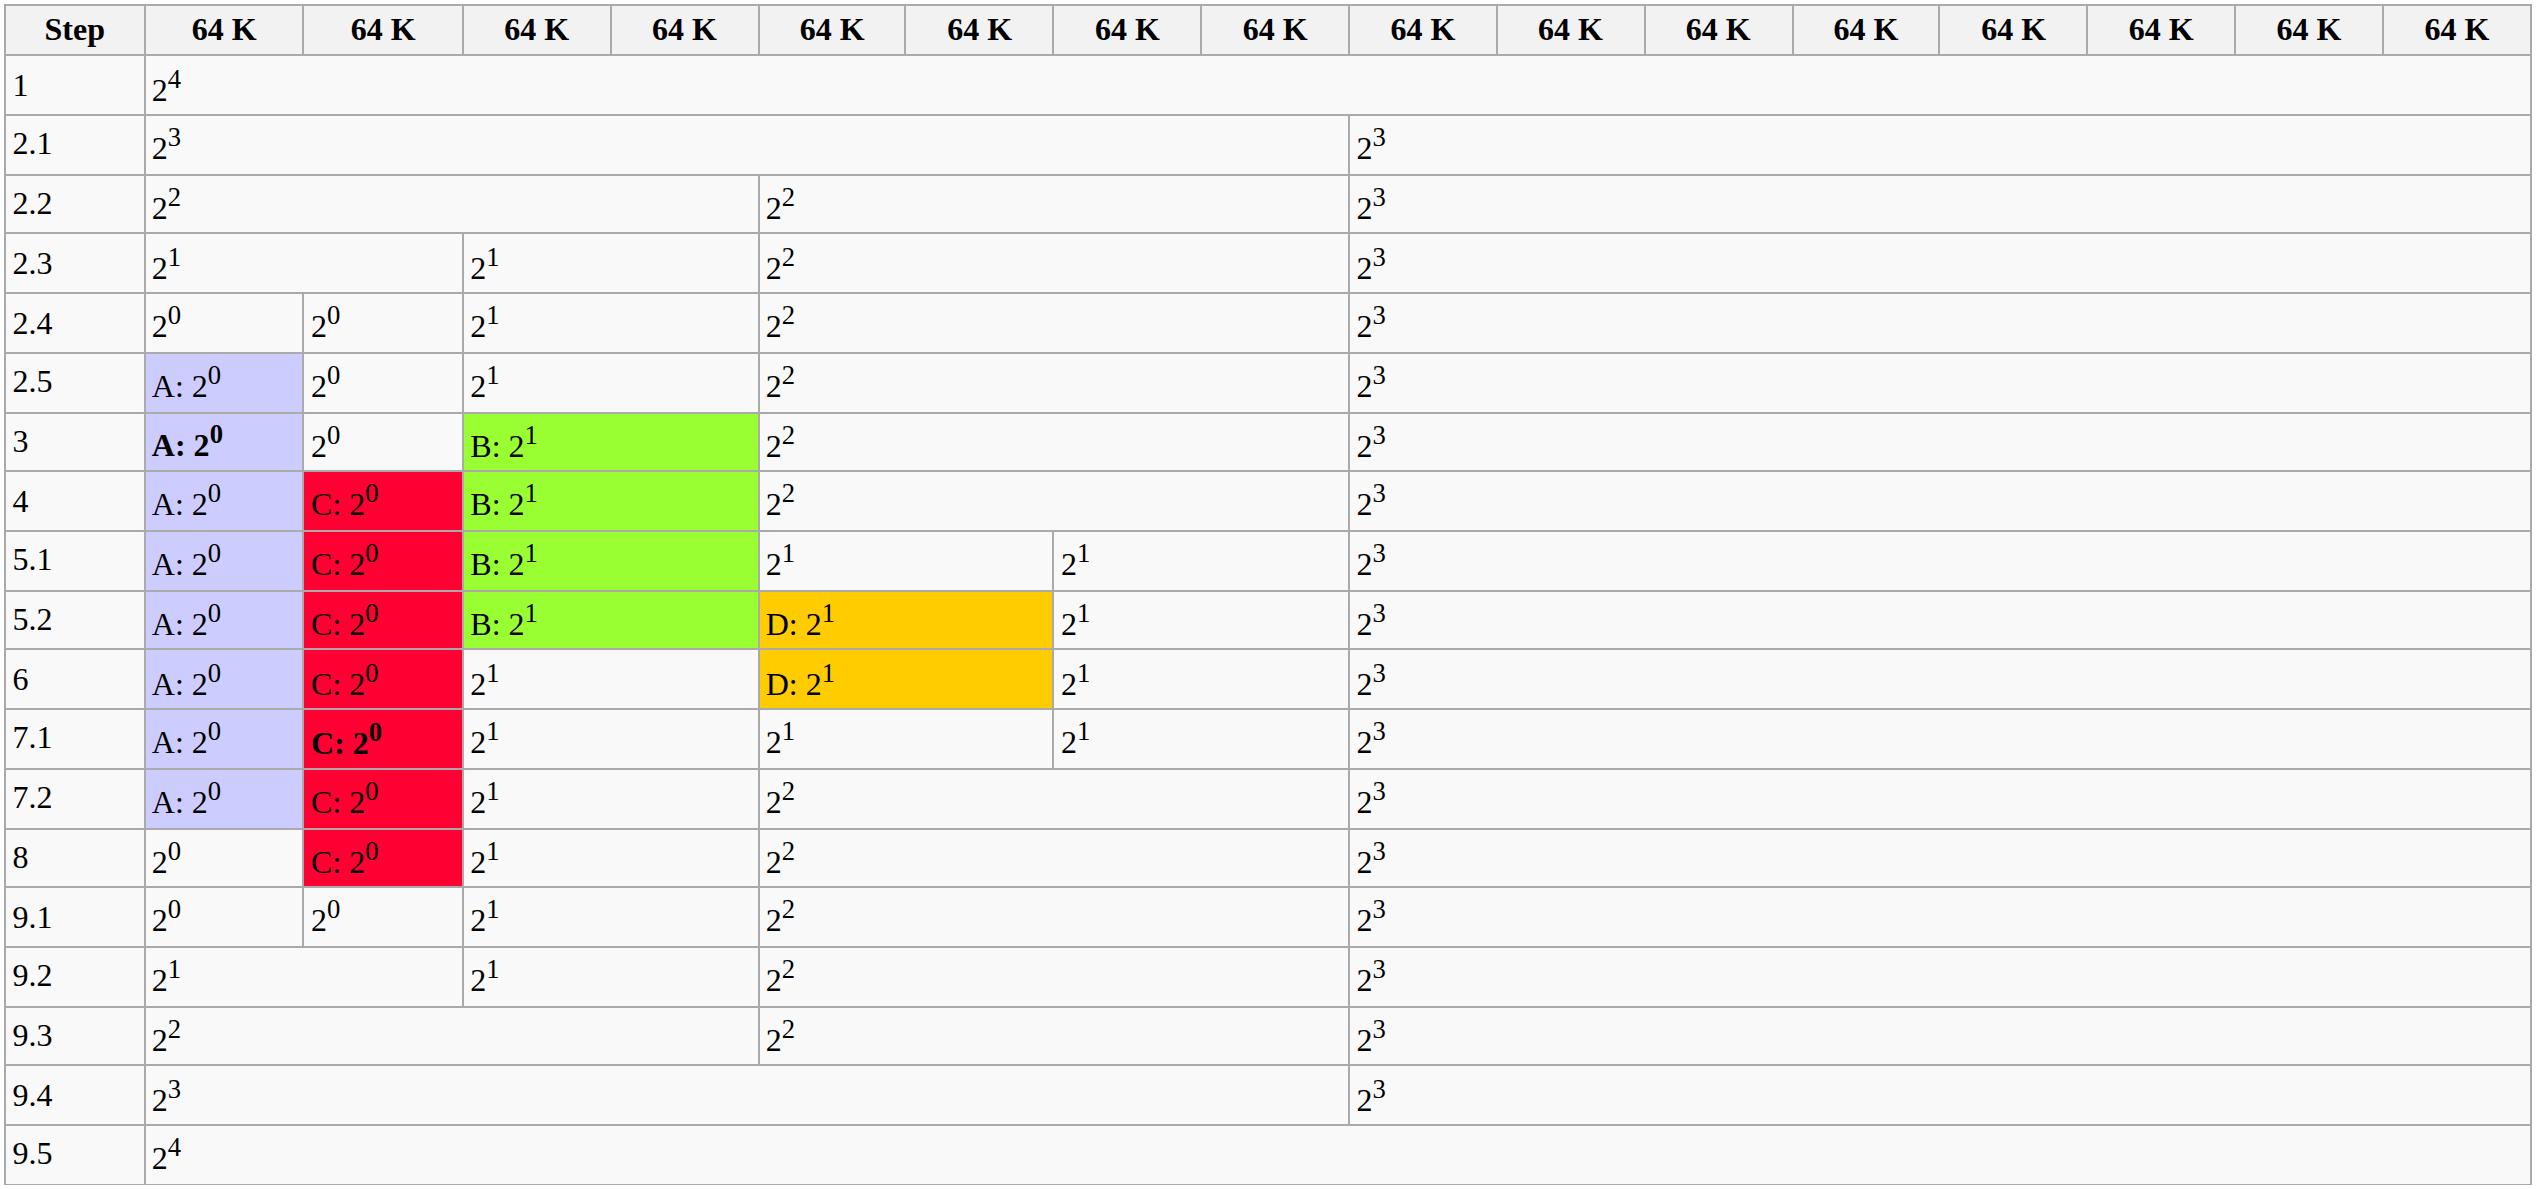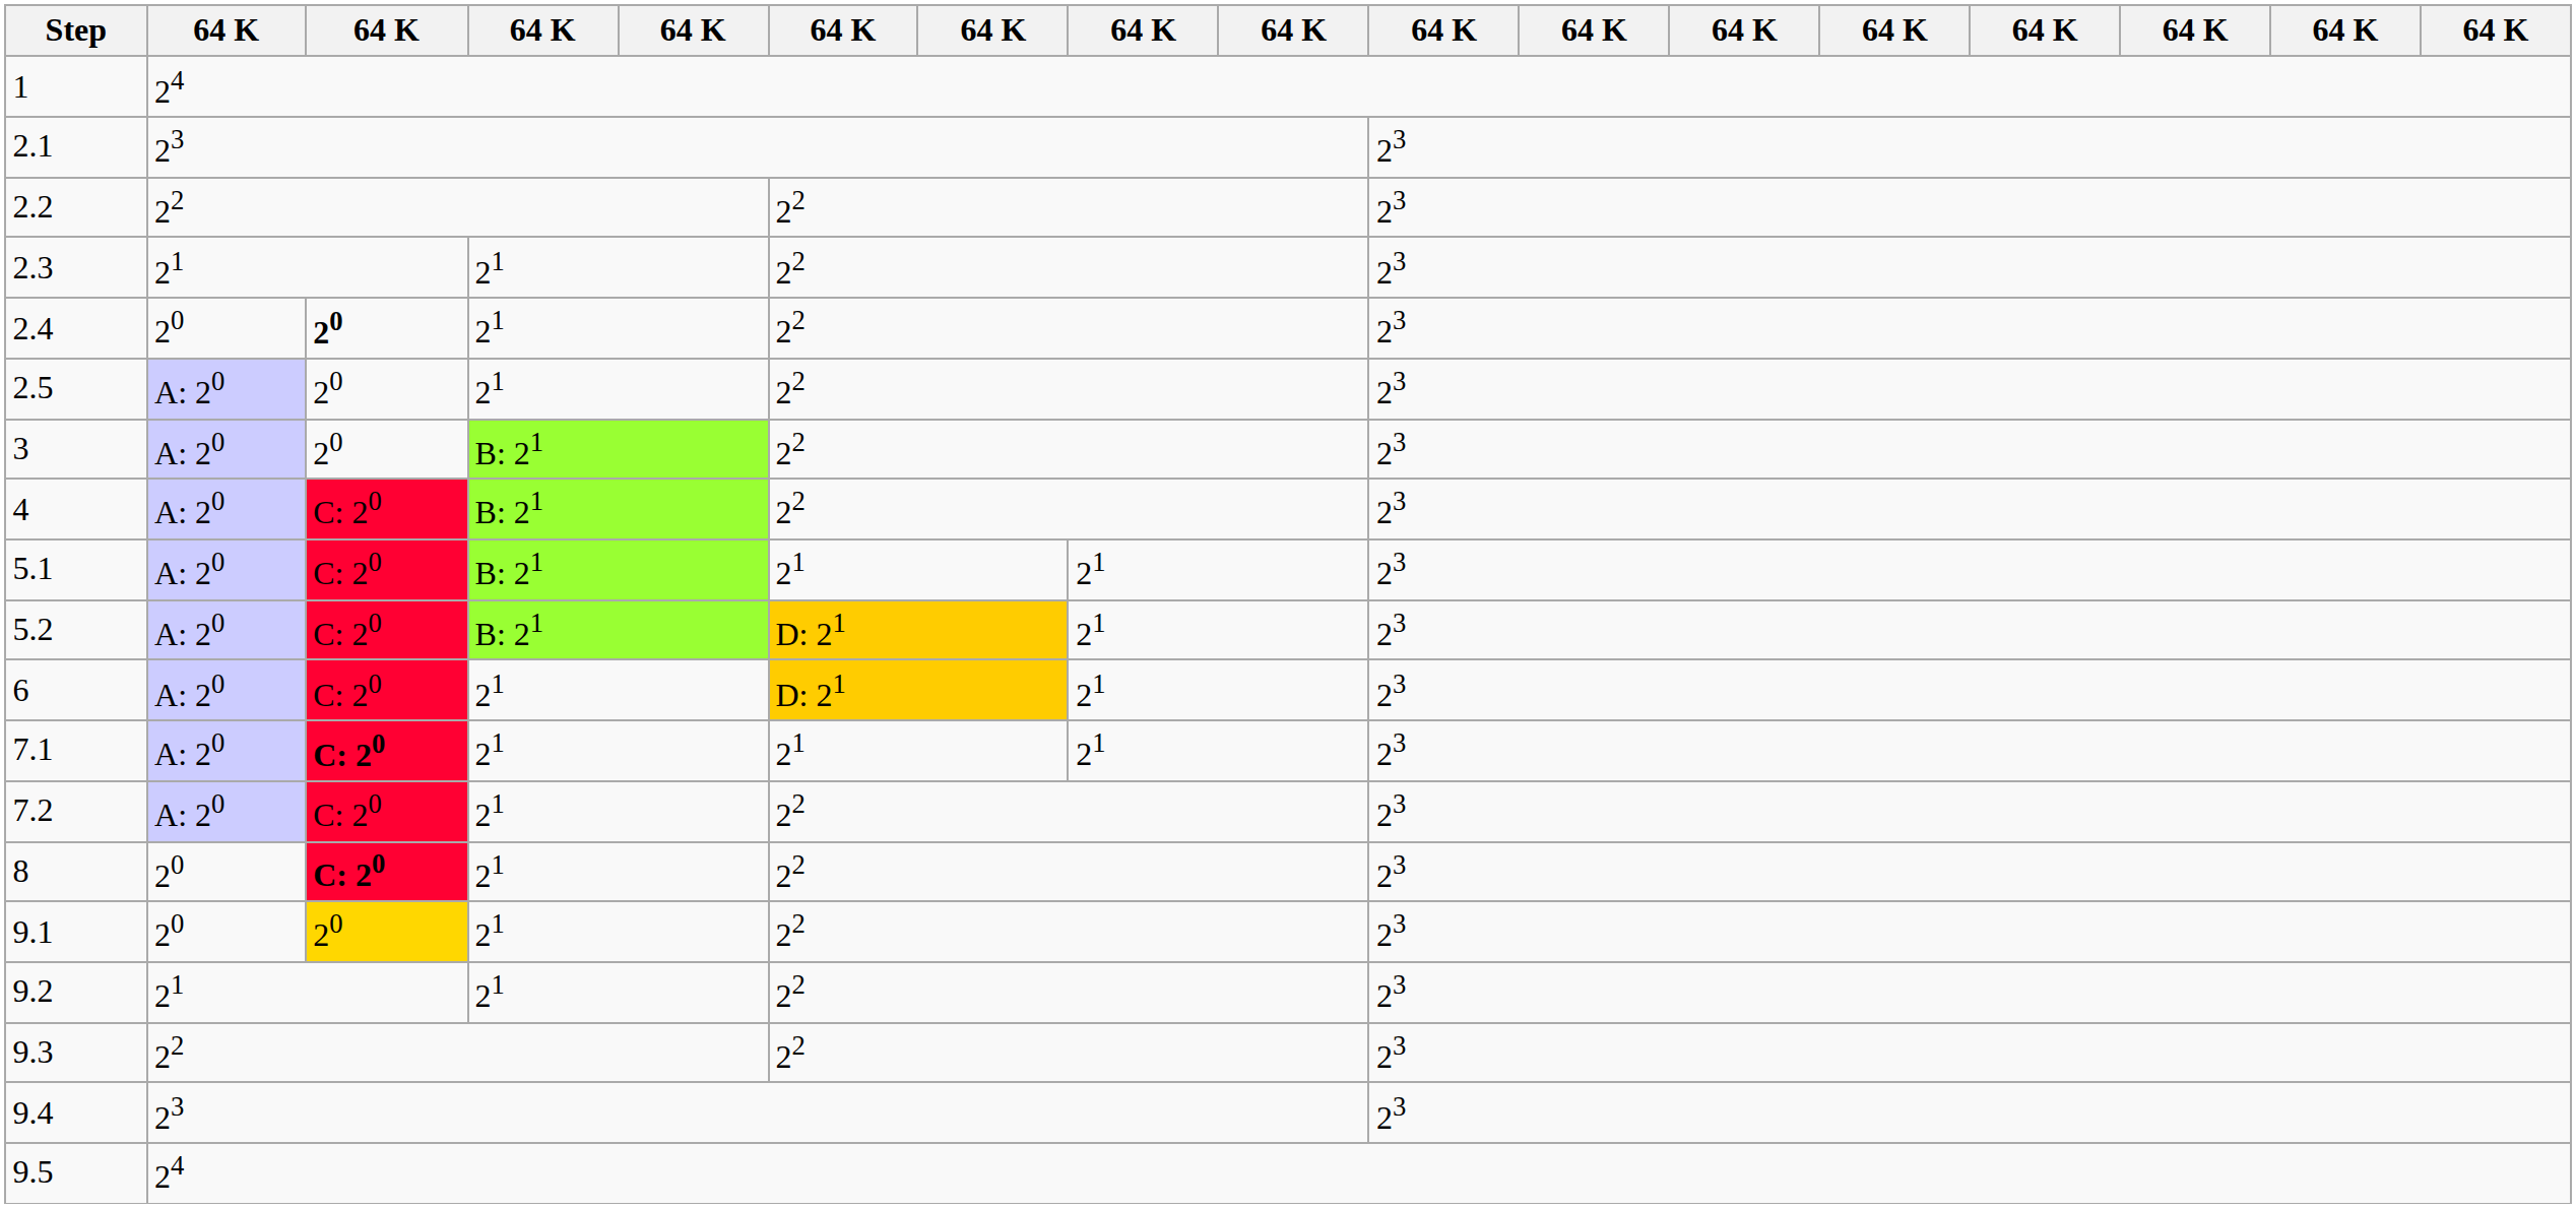 <table class="wikitable" width="100%">
 <tr>
 <th>Step</th>
 <th>64 K</th>
 <th>64 K</th>
 <th>64 K</th>
 <th>64 K</th>
 <th>64 K</th>
 <th>64 K</th>
 <th>64 K</th>
 <th>64 K</th>
 <th>64 K</th>
 <th>64 K</th>
 <th>64 K</th>
 <th>64 K</th>
 <th>64 K</th>
 <th>64 K</th>
 <th>64 K</th>
 <th>64 K</th>
 </tr>
 <tr>
 <td>1</td>
 <td colspan="16">2<sup>4</sup></td>
 </tr>
 <tr>
 <td>2.1</td>
 <td colspan="8">2<sup>3</sup></td>
 <td colspan="8">2<sup>3</sup></td>
 </tr>
 <tr>
 <td>2.2</td>
 <td colspan="4">2<sup>2</sup></td>
 <td colspan="4">2<sup>2</sup></td>
 <td colspan="8">2<sup>3</sup></td>
 </tr>
 <tr>
 <td>2.3</td>
 <td colspan="2">2<sup>1</sup></td>
 <td colspan="2">2<sup>1</sup></td>
 <td colspan="4">2<sup>2</sup></td>
 <td colspan="8">2<sup>3</sup></td>
 </tr>
 <tr>
 <td>2.4</td>
 <td>2<sup>0</sup></td>
-<td>2<sup>0</sup></td>
+<td><strong>2<sup>0</sup></strong></td>
 <td colspan="2">2<sup>1</sup></td>
 <td colspan="4">2<sup>2</sup></td>
 <td colspan="8">2<sup>3</sup></td>
 </tr>
 <tr>
 <td>2.5</td>
 <td style="background-color:#ccf">A: 2<sup>0</sup></td>
 <td>2<sup>0</sup></td>
 <td colspan="2">2<sup>1</sup></td>
 <td colspan="4">2<sup>2</sup></td>
 <td colspan="8">2<sup>3</sup></td>
 </tr>
 <tr>
 <td>3</td>
-<td style="background-color:#ccf"><strong>A: 2<sup>0</sup></strong></td>
+<td style="background-color:#ccf">A: 2<sup>0</sup></td>
 <td>2<sup>0</sup></td>
 <td colspan="2" style="background-color:#9f3">B: 2<sup>1</sup></td>
 <td colspan="4">2<sup>2</sup></td>
 <td colspan="8">2<sup>3</sup></td>
 </tr>
 <tr>
 <td>4</td>
 <td style="background-color:#ccf">A: 2<sup>0</sup></td>
 <td style="background-color:#f03">C: 2<sup>0</sup></td>
 <td colspan="2" style="background-color:#9f3">B: 2<sup>1</sup></td>
 <td colspan="4">2<sup>2</sup></td>
 <td colspan="8">2<sup>3</sup></td>
 </tr>
 <tr>
 <td>5.1</td>
 <td style="background-color:#ccf">A: 2<sup>0</sup></td>
 <td style="background-color:#f03">C: 2<sup>0</sup></td>
 <td colspan="2" style="background-color:#9f3">B: 2<sup>1</sup></td>
 <td colspan="2">2<sup>1</sup></td>
 <td colspan="2">2<sup>1</sup></td>
 <td colspan="8">2<sup>3</sup></td>
 </tr>
 <tr>
 <td>5.2</td>
 <td style="background-color:#ccf">A: 2<sup>0</sup></td>
 <td style="background-color:#f03">C: 2<sup>0</sup></td>
 <td colspan="2" style="background-color:#9f3">B: 2<sup>1</sup></td>
 <td colspan="2" style="background-color:#fc0">D: 2<sup>1</sup></td>
 <td colspan="2">2<sup>1</sup></td>
 <td colspan="8">2<sup>3</sup></td>
 </tr>
 <tr>
 <td>6</td>
 <td style="background-color:#ccf">A: 2<sup>0</sup></td>
 <td style="background-color:#f03">C: 2<sup>0</sup></td>
 <td colspan="2">2<sup>1</sup></td>
 <td colspan="2" style="background-color:#fc0">D: 2<sup>1</sup></td>
 <td colspan="2">2<sup>1</sup></td>
 <td colspan="8">2<sup>3</sup></td>
 </tr>
 <tr>
 <td>7.1</td>
 <td style="background-color:#ccf">A: 2<sup>0</sup></td>
 <td style="background-color:#f03"><strong>C: 2<sup>0</sup></strong></td>
 <td colspan="2">2<sup>1</sup></td>
 <td colspan="2">2<sup>1</sup></td>
 <td colspan="2">2<sup>1</sup></td>
 <td colspan="8">2<sup>3</sup></td>
 </tr>
 <tr>
 <td>7.2</td>
 <td style="background-color:#ccf">A: 2<sup>0</sup></td>
 <td style="background-color:#f03">C: 2<sup>0</sup></td>
 <td colspan="2">2<sup>1</sup></td>
 <td colspan="4">2<sup>2</sup></td>
 <td colspan="8">2<sup>3</sup></td>
 </tr>
 <tr>
 <td>8</td>
 <td>2<sup>0</sup></td>
-<td style="background-color:#f03">C: 2<sup>0</sup></td>
+<td style="background-color:#f03"><strong>C: 2<sup>0</sup></strong></td>
 <td colspan="2">2<sup>1</sup></td>
 <td colspan="4">2<sup>2</sup></td>
 <td colspan="8">2<sup>3</sup></td>
 </tr>
 <tr>
 <td>9.1</td>
 <td>2<sup>0</sup></td>
-<td>2<sup>0</sup></td>
+<td style="background: gold;">2<sup>0</sup></td>
 <td colspan="2">2<sup>1</sup></td>
 <td colspan="4">2<sup>2</sup></td>
 <td colspan="8">2<sup>3</sup></td>
 </tr>
 <tr>
 <td>9.2</td>
 <td colspan="2">2<sup>1</sup></td>
 <td colspan="2">2<sup>1</sup></td>
 <td colspan="4">2<sup>2</sup></td>
 <td colspan="8">2<sup>3</sup></td>
 </tr>
 <tr>
 <td>9.3</td>
 <td colspan="4">2<sup>2</sup></td>
 <td colspan="4">2<sup>2</sup></td>
 <td colspan="8">2<sup>3</sup></td>
 </tr>
 <tr>
 <td>9.4</td>
 <td colspan="8">2<sup>3</sup></td>
 <td colspan="8">2<sup>3</sup></td>
 </tr>
 <tr>
 <td>9.5</td>
 <td colspan="16">2<sup>4</sup></td>
 </tr>
 </table>
